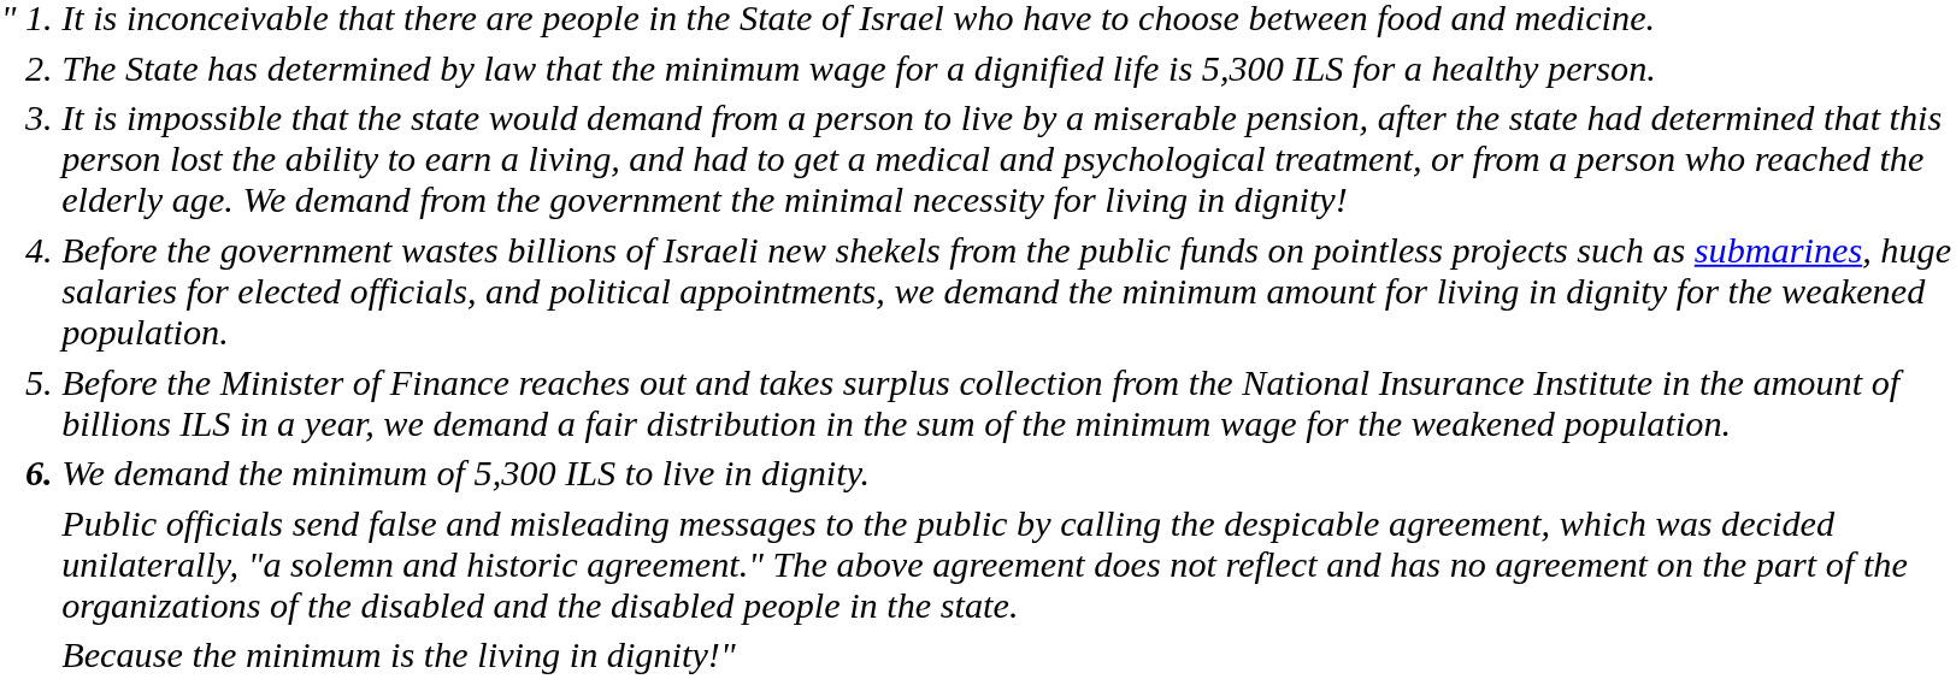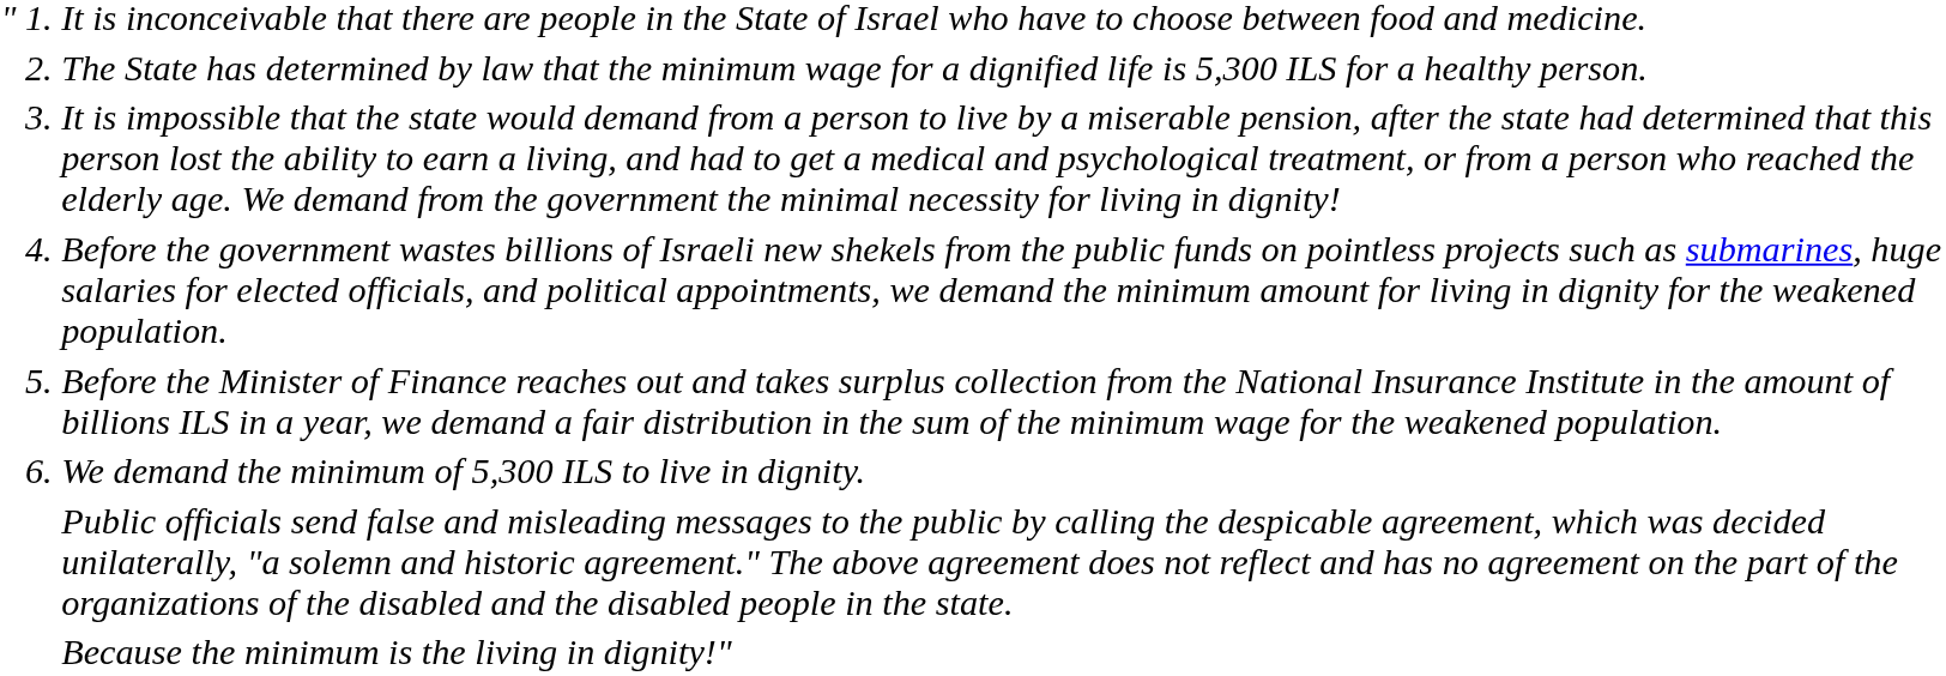 <table>
 <tr>
 <td style="vertical-align:top;"><em>"</em></td>
 <td style="vertical-align:top;"><em>1.</em></td>
 <td><em>It is inconceivable that there are people in the State of Israel who have to choose between food and medicine.</em></td>
 </tr>
 <tr>
 <td> </td>
 <td style="vertical-align:top;"><em>2.</em></td>
 <td><em>The State has determined by law that the minimum wage for a dignified life is 5,300 ILS for a healthy person.</em></td>
 </tr>
 <tr>
 <td> </td>
 <td style="vertical-align:top;"><em>3.</em></td>
 <td><em>It is impossible that the state would demand from a person to live by a miserable pension, after the state had determined that this person lost the ability to earn a living, and had to get a medical and psychological treatment, or from a person who reached the elderly age. We demand from the government the minimal necessity for living in dignity!</em></td>
 </tr>
 <tr>
 <td> </td>
 <td style="vertical-align:top;"><em>4.</em></td>
 <td><em>Before the government wastes billions of Israeli new shekels from the public funds on pointless projects such as <a href='#'>submarines</a>, huge salaries for elected officials, and political appointments, we demand the minimum amount for living in dignity for the weakened population.</em></td>
 </tr>
 <tr>
 <td> </td>
 <td style="vertical-align:top;"><em>5.</em></td>
 <td><em>Before the Minister of Finance reaches out and takes surplus collection from the National Insurance Institute in the amount of billions ILS in a year, we demand a fair distribution in the sum of the minimum wage for the weakened population.</em></td>
 </tr>
 <tr>
 <td> </td>
-<td style="vertical-align:top;"><strong><em>6.</em></strong></td>
+<td style="vertical-align:top;"><em>6.</em></td>
 <td><em>We demand the minimum of 5,300 ILS to live in dignity.</em></td>
 </tr>
 <tr>
 <td> </td>
 <td> </td>
 <td><em>Public officials send false and misleading messages to the public by calling the despicable agreement, which was decided unilaterally, "a solemn and historic agreement." The above agreement does not reflect and has no agreement on the part of the organizations of the disabled and the disabled people in the state.</em></td>
 </tr>
 <tr>
 <td> </td>
 <td> </td>
 <td><em>Because the minimum is the living in dignity!"</em></td>
 </tr>
 </table>
